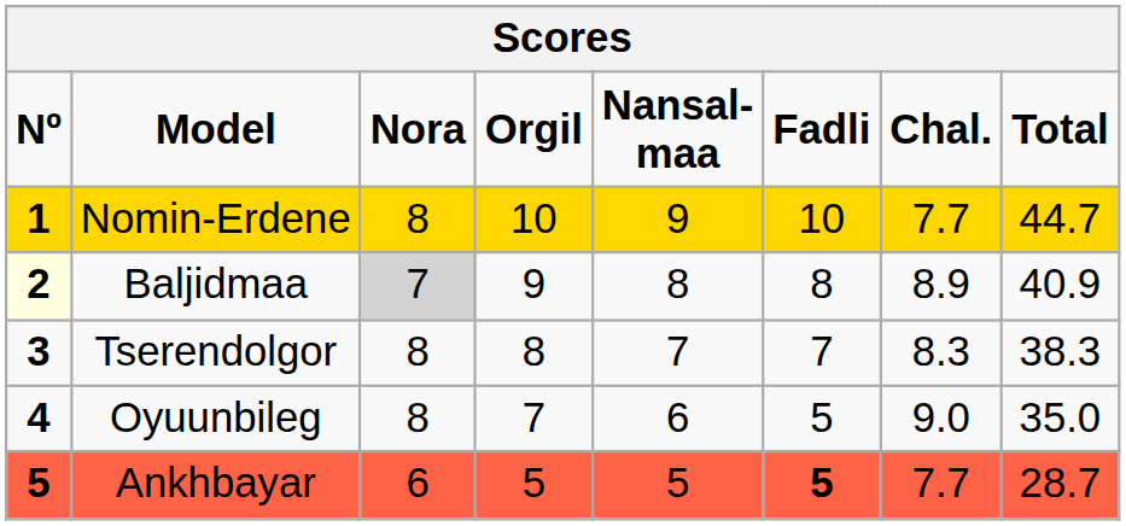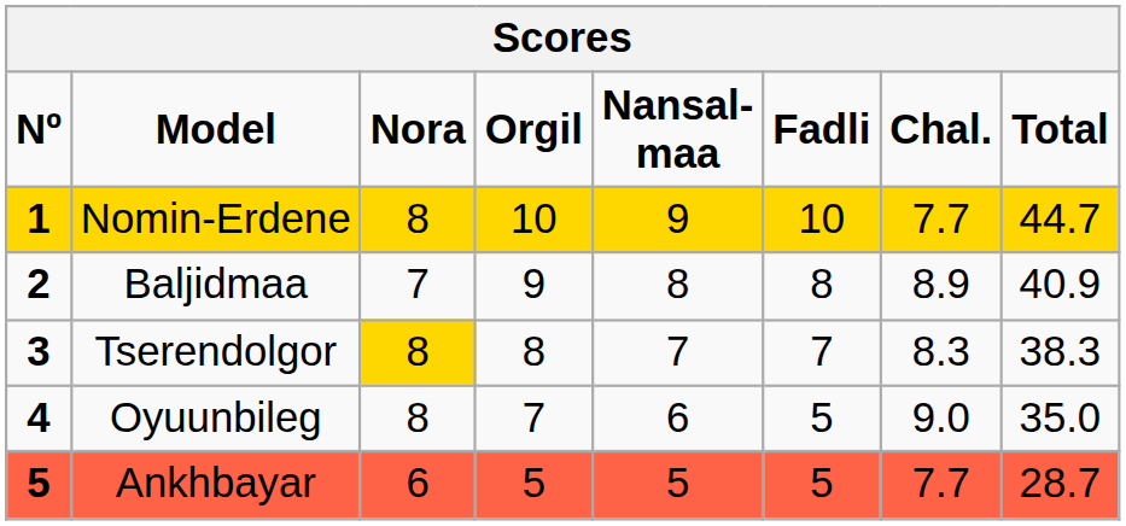 <table class="wikitable collapsible autocollapse" style="text-align:center;">
 <tr>
 <th colspan="8">Scores</th>
 </tr>
 <tr>
 <td><strong>Nº</strong></td>
 <td><strong>Model</strong></td>
 <td><strong>Nora</strong></td>
 <td><strong>Orgil</strong></td>
 <td><strong>Nansal-<br>maa</strong></td>
 <td><strong>Fadli</strong></td>
 <td><strong>Chal.</strong></td>
 <td><strong>Total</strong></td>
 </tr>
 <tr>
 <td style="background:gold"><strong>1</strong></td>
 <td style="background:gold">Nomin-Erdene</td>
 <td style="background:gold">8</td>
 <td style="background:gold">10</td>
 <td style="background:gold">9</td>
 <td style="background:gold">10</td>
 <td style="background:gold">7.7</td>
 <td style="background:gold">44.7</td>
 </tr>
 <tr>
-<td style="background: lightyellow;"><strong>2</strong></td>
+<td><strong>2</strong></td>
 <td>Baljidmaa</td>
-<td style="background: lightgrey;">7</td>
+<td>7</td>
 <td>9</td>
 <td>8</td>
 <td>8</td>
 <td>8.9</td>
 <td>40.9</td>
 </tr>
 <tr>
 <td><strong>3</strong></td>
 <td>Tserendolgor</td>
-<td>8</td>
+<td style="background: gold;">8</td>
 <td>8</td>
 <td>7</td>
 <td>7</td>
 <td>8.3</td>
 <td>38.3</td>
 </tr>
 <tr>
 <td><strong>4</strong></td>
 <td>Oyuunbileg</td>
 <td>8</td>
 <td>7</td>
 <td>6</td>
 <td>5</td>
 <td>9.0</td>
 <td>35.0</td>
 </tr>
 <tr>
 <td style="background:tomato"><strong>5</strong></td>
 <td style="background:tomato">Ankhbayar</td>
 <td style="background:tomato">6</td>
 <td style="background:tomato">5</td>
 <td style="background:tomato">5</td>
-<td style="background:tomato"><strong>5</strong></td>
+<td style="background:tomato">5</td>
 <td style="background:tomato">7.7</td>
 <td style="background:tomato">28.7</td>
 </tr>
 </table>
